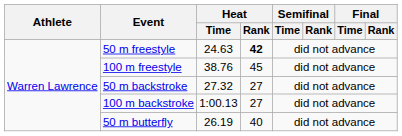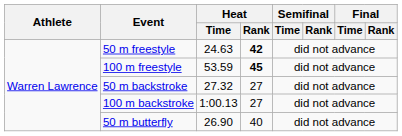 <table class=wikitable style=font-size:90%>
 <tr>
 <th rowspan=2>Athlete</th>
 <th rowspan=2>Event</th>
 <th colspan=2>Heat</th>
 <th colspan=2>Semifinal</th>
 <th colspan=2>Final</th>
 </tr>
 <tr style=font-size:95%>
 <th>Time</th>
 <th>Rank</th>
 <th>Time</th>
 <th>Rank</th>
 <th>Time</th>
 <th>Rank</th>
 </tr>
 <tr align=center>
 <td align=left rowspan=5><a href='#'>Warren Lawrence</a></td>
 <td align=left rowspan="1"><a href='#'>50 m freestyle</a></td>
 <td>24.63</td>
 <td><strong>42</strong></td>
 <td colspan=4>did not advance</td>
 </tr>
 <tr align=center>
 <td align=left rowspan="1"><a href='#'>100 m freestyle</a></td>
-<td>38.76</td>
-<td>45</td>
+<td>53.59</td>
+<td><strong>45</strong></td>
 <td colspan=4>did not advance</td>
 </tr>
 <tr align=center>
 <td style="text-align:left;"><a href='#'>50 m backstroke</a></td>
 <td>27.32</td>
 <td>27</td>
 <td colspan=4>did not advance</td>
 </tr>
 <tr align=center>
 <td style="text-align:left;"><a href='#'>100 m backstroke</a></td>
 <td>1:00.13</td>
 <td>27</td>
 <td colspan=4>did not advance</td>
 </tr>
 <tr align=center>
 <td align=left rowspan="1"><a href='#'>50 m butterfly</a></td>
-<td>26.19</td>
+<td>26.90</td>
 <td>40</td>
 <td colspan=4>did not advance</td>
 </tr>
 </table>
